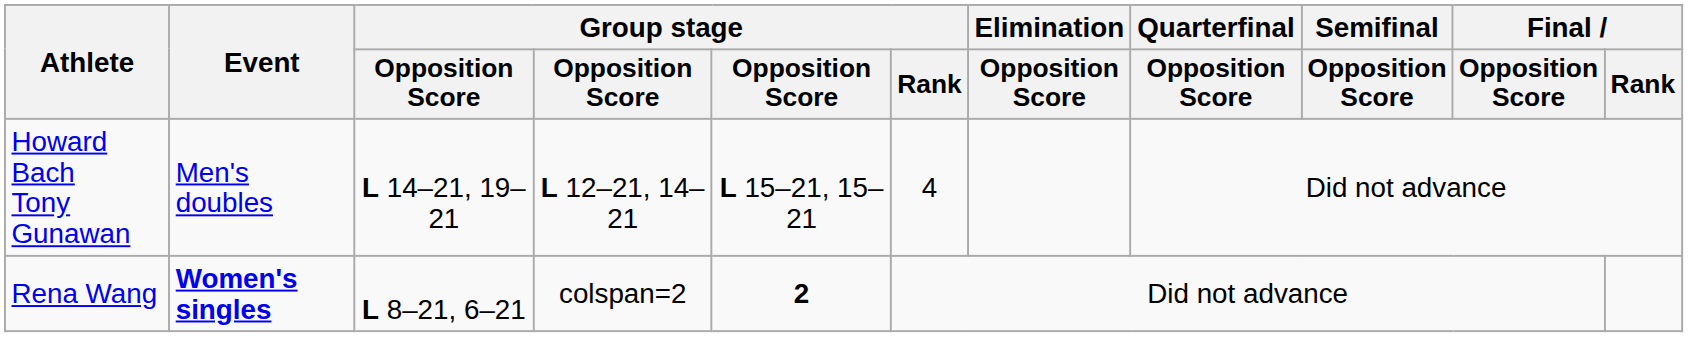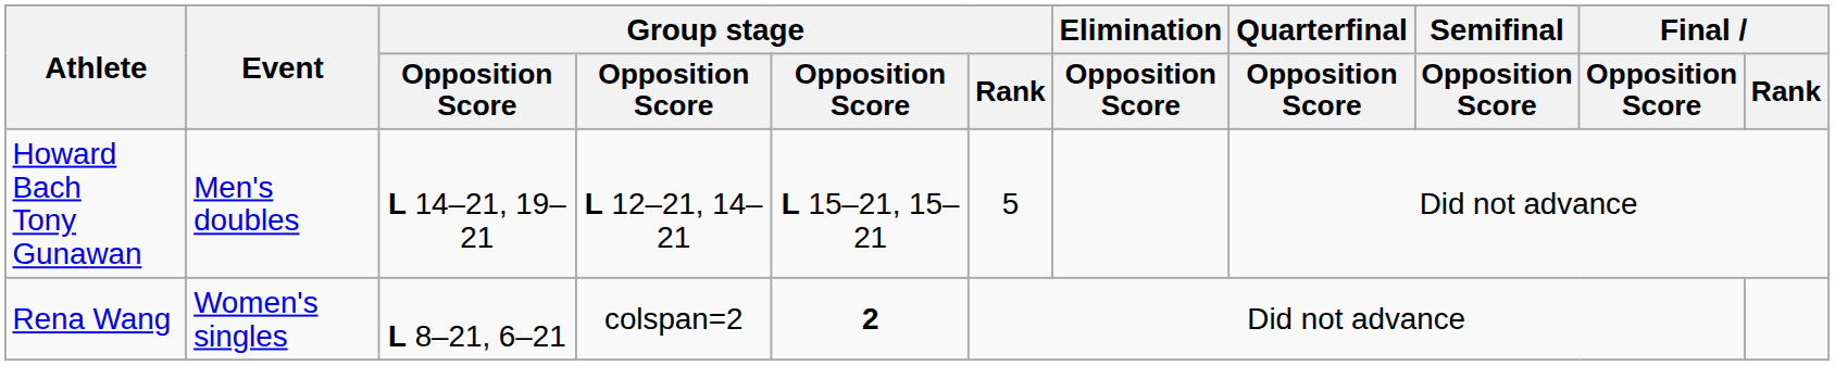 <table class=wikitable style=font-size:90%;text-align:center>
 <tr>
 <th rowspan=2>Athlete</th>
 <th rowspan=2>Event</th>
 <th colspan=4>Group stage</th>
 <th>Elimination</th>
 <th>Quarterfinal</th>
 <th>Semifinal</th>
 <th colspan=2>Final / </th>
 </tr>
 <tr style=font-size:95%>
 <th>Opposition<br>Score</th>
 <th>Opposition<br>Score</th>
 <th>Opposition<br>Score</th>
 <th>Rank</th>
 <th>Opposition<br>Score</th>
 <th>Opposition<br>Score</th>
 <th>Opposition<br>Score</th>
 <th>Opposition<br>Score</th>
 <th>Rank</th>
 </tr>
 <tr>
 <td align=left><a href='#'>Howard Bach</a><br><a href='#'>Tony Gunawan</a></td>
 <td align=left><a href='#'>Men's doubles</a></td>
 <td><br><strong>L</strong> 14–21, 19–21</td>
 <td><br><strong>L</strong> 12–21, 14–21</td>
 <td><br><strong>L</strong> 15–21, 15–21</td>
-<td>4</td>
+<td>5</td>
 <td></td>
 <td colspan=4>Did not advance</td>
 </tr>
 <tr>
 <td align=left><a href='#'>Rena Wang</a></td>
-<td align=left><strong><a href='#'>Women's singles</a></strong></td>
+<td align=left><a href='#'>Women's singles</a></td>
 <td><br><strong>L</strong> 8–21, 6–21</td>
 <td>colspan=2 </td>
 <td><strong>2</strong></td>
 <td colspan=5>Did not advance</td>
 </tr>
 </table>
